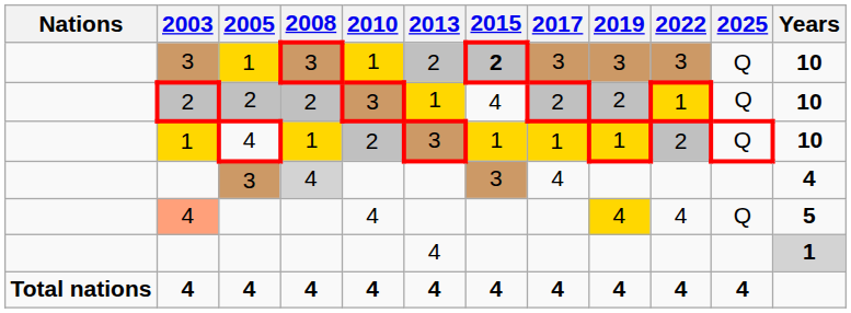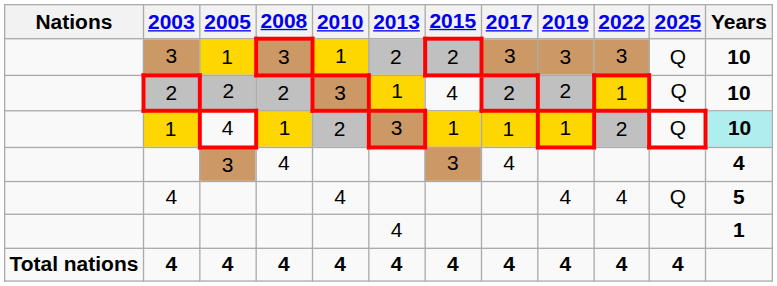 <table class="wikitable sortable" style="text-align:center">
 <tr>
 <th>Nations</th>
 <th width="25"><a href='#'>2003</a></th>
 <th width=25><a href='#'>2005</a></th>
 <th width=25><a href='#'>2008</a></th>
 <th width=25><a href='#'>2010</a></th>
 <th width=25><a href='#'>2013</a></th>
 <th width=25><a href='#'>2015</a></th>
 <th width=25><a href='#'>2017</a></th>
 <th width=25><a href='#'>2019</a></th>
 <th width=25><a href='#'>2022</a></th>
 <th width=25><a href='#'>2025</a></th>
 <th>Years</th>
 </tr>
 <tr>
 <td align=left></td>
 <td bgcolor=cc9966>3</td>
 <td bgcolor=gold>1</td>
 <td style="border:3px solid red" bgcolor=cc9966>3</td>
 <td bgcolor=gold>1</td>
 <td bgcolor=silver>2</td>
-<td style="border:3px solid red" bgcolor=silver><strong>2</strong></td>
+<td style="border:3px solid red" bgcolor=silver>2</td>
 <td bgcolor=cc9966>3</td>
 <td bgcolor=cc9966>3</td>
 <td bgcolor=cc9966>3</td>
 <td>Q</td>
 <td><strong>10</strong></td>
 </tr>
 <tr>
 <td align=left></td>
 <td style="border:3px solid red" bgcolor=silver>2</td>
 <td bgcolor=silver>2</td>
 <td bgcolor=silver>2</td>
 <td style="border:3px solid red" bgcolor=cc9966>3</td>
 <td bgcolor=gold>1</td>
 <td>4</td>
 <td style="border:3px solid red" bgcolor=silver>2</td>
 <td bgcolor=silver>2</td>
 <td style="border:3px solid red" bgcolor=gold>1</td>
 <td>Q</td>
 <td><strong>10</strong></td>
 </tr>
 <tr>
 <td align=left></td>
 <td bgcolor=gold>1</td>
 <td style="border:3px solid red">4</td>
 <td bgcolor=gold>1</td>
 <td bgcolor=silver>2</td>
 <td style="border:3px solid red" bgcolor=cc9966>3</td>
 <td bgcolor=gold>1</td>
 <td bgcolor=gold>1</td>
 <td style="border:3px solid red" bgcolor=gold>1</td>
 <td bgcolor=silver>2</td>
 <td style="border:3px solid red">Q</td>
-<td><strong>10</strong></td>
+<td style="background: paleturquoise;"><strong>10</strong></td>
 </tr>
 <tr>
 <td align=left></td>
 <td></td>
 <td bgcolor=cc9966>3</td>
-<td style="background: lightgrey;">4</td>
+<td>4</td>
 <td></td>
 <td></td>
 <td bgcolor=cc9966>3</td>
 <td>4</td>
 <td></td>
 <td></td>
 <td></td>
 <td><strong>4</strong></td>
 </tr>
 <tr>
 <td align=left></td>
-<td style="background: lightsalmon;">4</td>
+<td>4</td>
 <td></td>
 <td></td>
 <td>4</td>
 <td></td>
 <td></td>
 <td></td>
-<td style="background: gold;">4</td>
+<td>4</td>
 <td>4</td>
 <td>Q</td>
 <td><strong>5</strong></td>
 </tr>
 <tr>
 <td align=left></td>
 <td></td>
 <td></td>
 <td></td>
 <td></td>
 <td>4</td>
 <td></td>
 <td></td>
 <td></td>
 <td></td>
 <td></td>
-<td style="background: lightgrey;"><strong>1</strong></td>
+<td><strong>1</strong></td>
 </tr>
 <tr>
 <td align=left><strong>Total nations</strong></td>
 <td><strong>4</strong></td>
 <td><strong>4</strong></td>
 <td><strong>4</strong></td>
 <td><strong>4</strong></td>
 <td><strong>4</strong></td>
 <td><strong>4</strong></td>
 <td><strong>4</strong></td>
 <td><strong>4</strong></td>
 <td><strong>4</strong></td>
 <td><strong>4</strong></td>
 </tr>
 </table>
